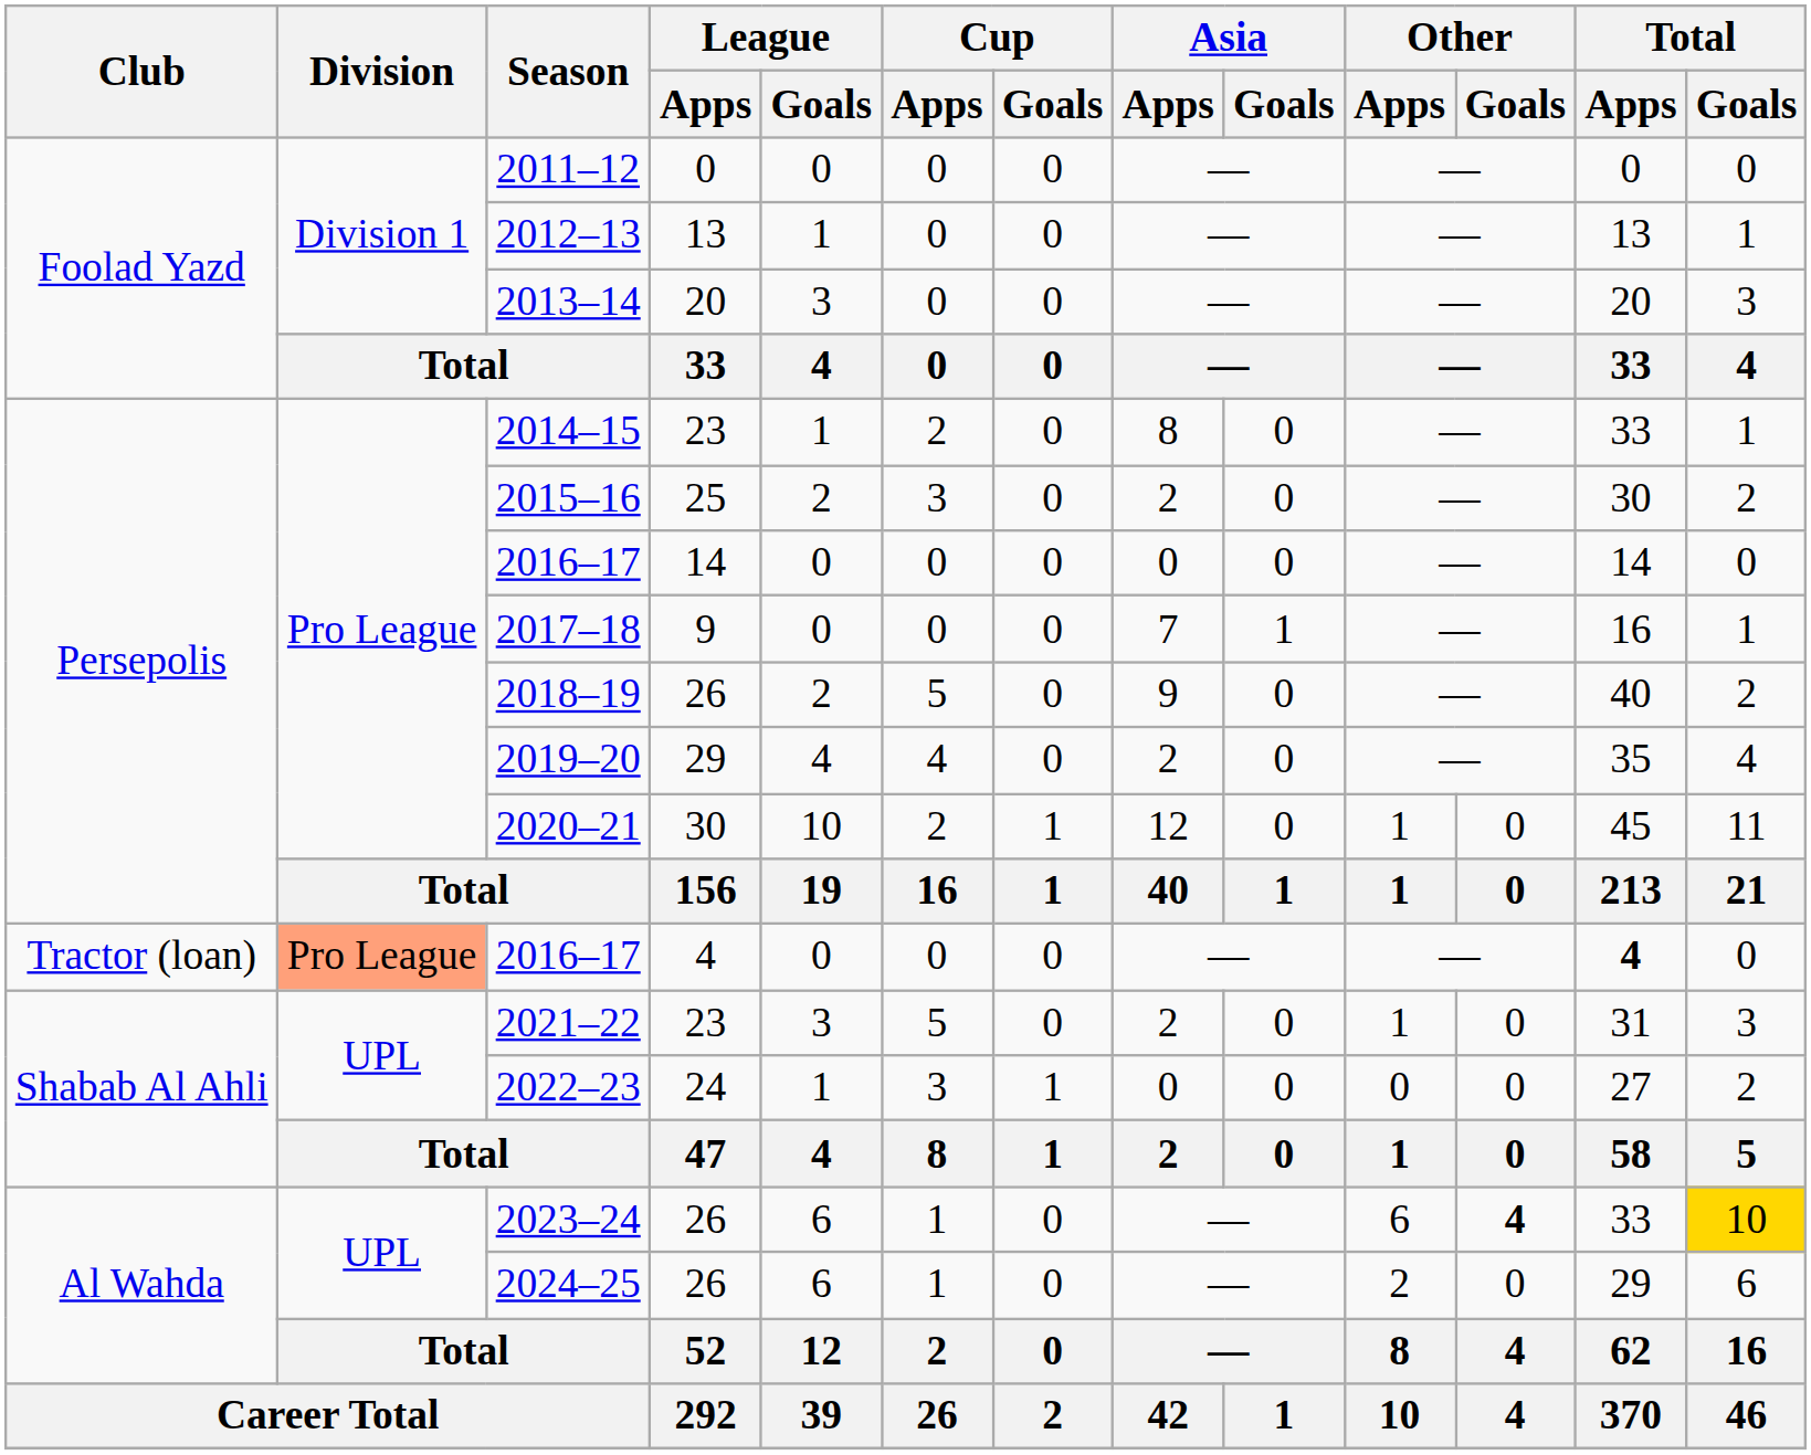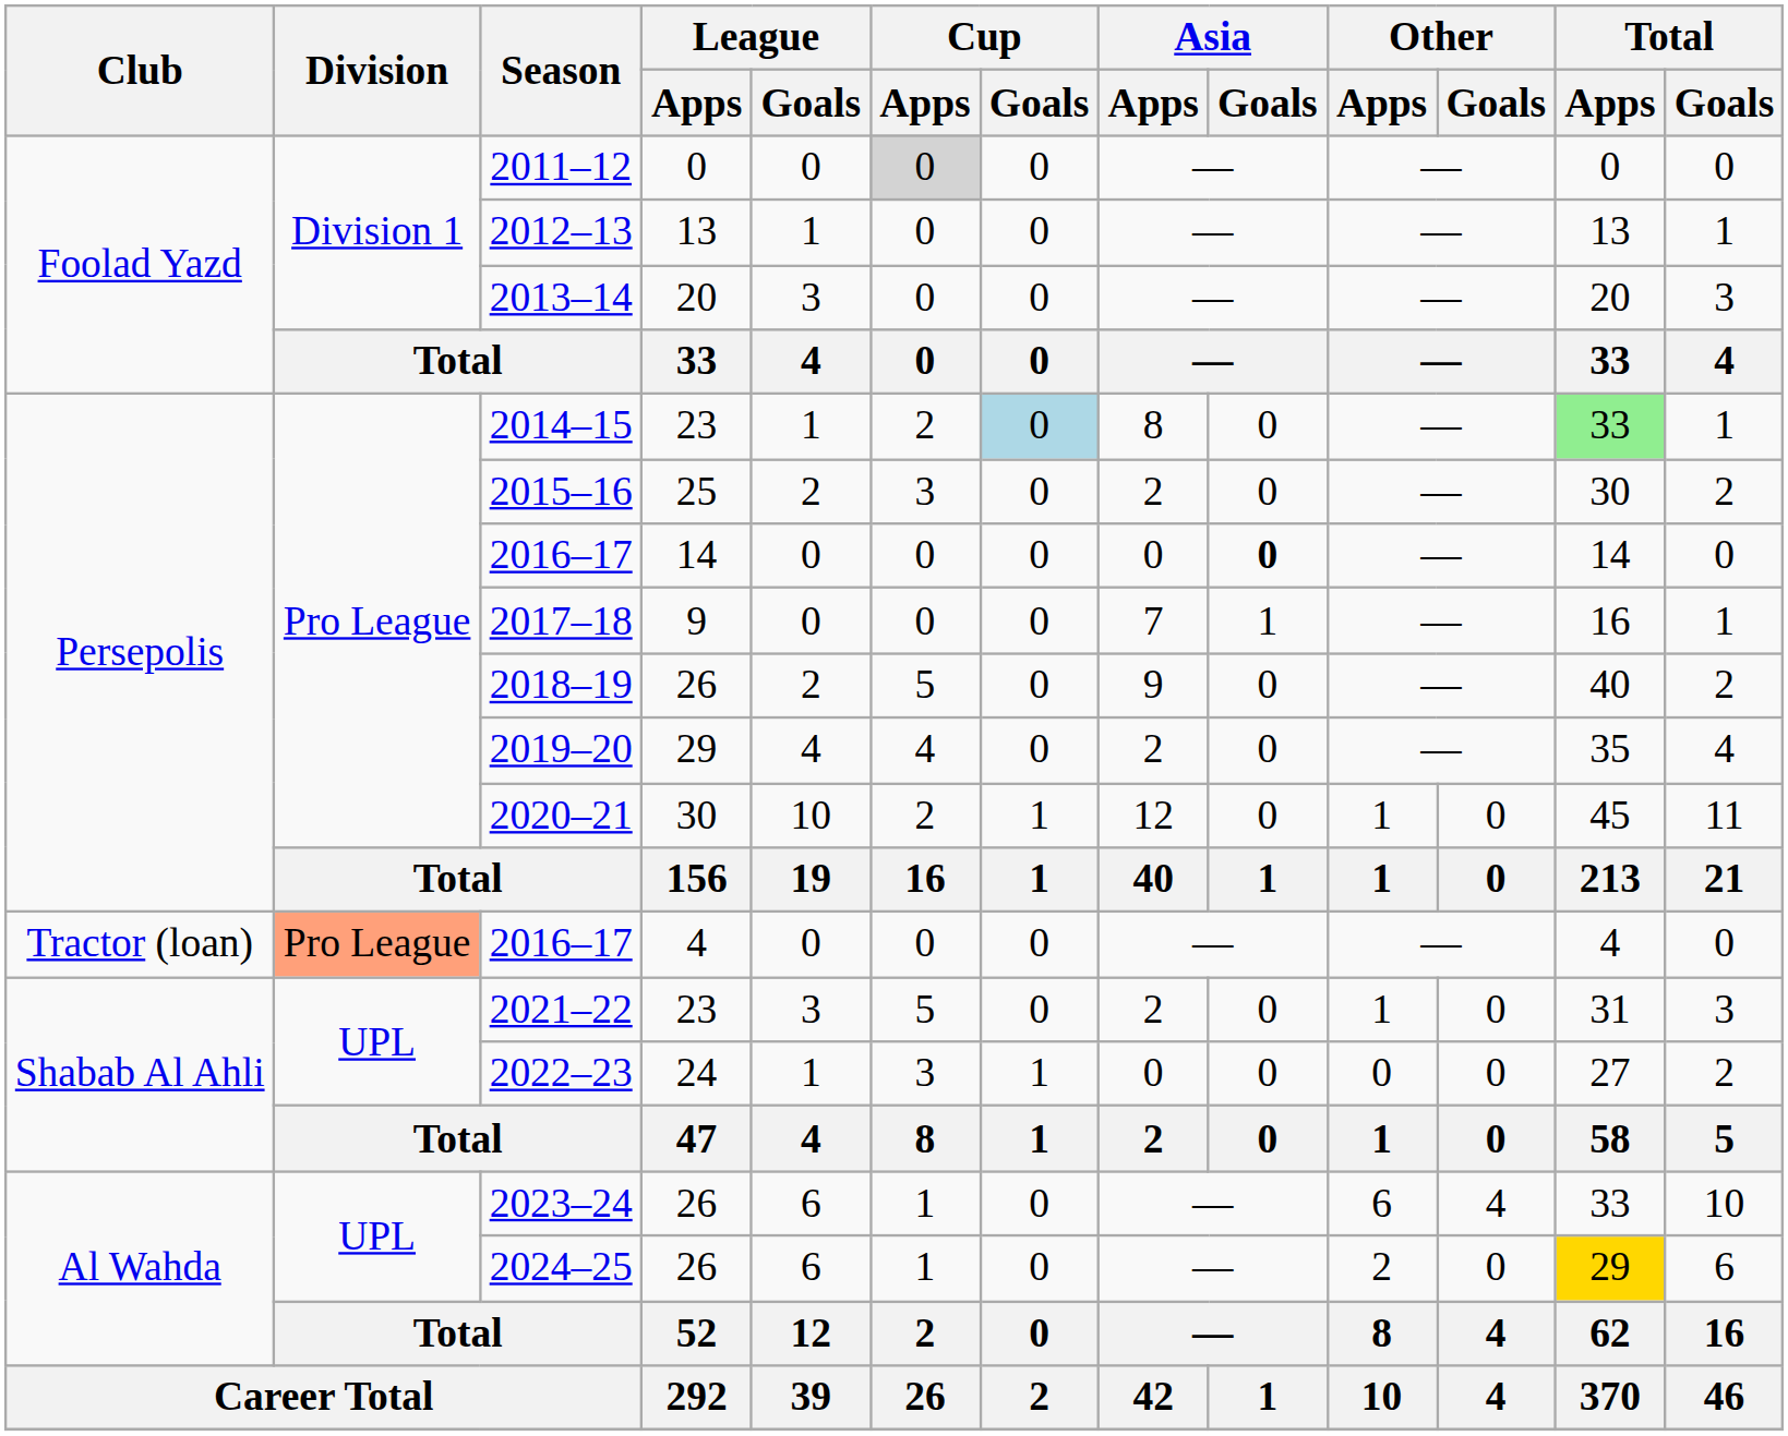 <table class="wikitable" style="text-align: center;">
 <tr>
 <th rowspan="2">Club</th>
 <th rowspan="2">Division</th>
 <th rowspan="2">Season</th>
 <th colspan="2">League</th>
 <th colspan="2">Cup</th>
 <th colspan="2"><a href='#'>Asia</a></th>
 <th colspan="2">Other</th>
 <th colspan="2">Total</th>
 </tr>
 <tr>
 <th>Apps</th>
 <th>Goals</th>
 <th>Apps</th>
 <th>Goals</th>
 <th>Apps</th>
 <th>Goals</th>
 <th>Apps</th>
 <th>Goals</th>
 <th>Apps</th>
 <th>Goals</th>
 </tr>
 <tr>
 <td rowspan="4"><a href='#'>Foolad Yazd</a></td>
 <td rowspan="3"><a href='#'>Division 1</a></td>
 <td><a href='#'>2011–12</a></td>
 <td>0</td>
 <td>0</td>
-<td>0</td>
+<td style="background: lightgrey;">0</td>
 <td>0</td>
 <td colspan=2>—</td>
 <td colspan="2">—</td>
 <td>0</td>
 <td>0</td>
 </tr>
 <tr>
 <td><a href='#'>2012–13</a></td>
 <td>13</td>
 <td>1</td>
 <td>0</td>
 <td>0</td>
 <td colspan=2>—</td>
 <td colspan="2">—</td>
 <td>13</td>
 <td>1</td>
 </tr>
 <tr>
 <td><a href='#'>2013–14</a></td>
 <td>20</td>
 <td>3</td>
 <td>0</td>
 <td>0</td>
 <td colspan=2>—</td>
 <td colspan="2">—</td>
 <td>20</td>
 <td>3</td>
 </tr>
 <tr>
 <th colspan=2>Total</th>
 <th>33</th>
 <th>4</th>
 <th>0</th>
 <th>0</th>
 <th colspan=2>—</th>
 <th colspan="2">—</th>
 <th>33</th>
 <th>4</th>
 </tr>
 <tr>
 <td rowspan="8"><a href='#'>Persepolis</a></td>
 <td rowspan="7"><a href='#'>Pro League</a></td>
 <td><a href='#'>2014–15</a></td>
 <td>23</td>
 <td>1</td>
 <td>2</td>
-<td>0</td>
+<td style="background: lightblue;">0</td>
 <td>8</td>
 <td>0</td>
 <td colspan="2">—</td>
-<td>33</td>
+<td style="background: lightgreen;">33</td>
 <td>1</td>
 </tr>
 <tr>
 <td><a href='#'>2015–16</a></td>
 <td>25</td>
 <td>2</td>
 <td>3</td>
 <td>0</td>
 <td>2</td>
 <td>0</td>
 <td colspan="2">—</td>
 <td>30</td>
 <td>2</td>
 </tr>
 <tr>
 <td><a href='#'>2016–17</a></td>
 <td>14</td>
 <td>0</td>
 <td>0</td>
 <td>0</td>
 <td>0</td>
-<td>0</td>
+<td><strong>0</strong></td>
 <td colspan="2">—</td>
 <td>14</td>
 <td>0</td>
 </tr>
 <tr>
 <td><a href='#'>2017–18</a></td>
 <td>9</td>
 <td>0</td>
 <td>0</td>
 <td>0</td>
 <td>7</td>
 <td>1</td>
 <td colspan="2">—</td>
 <td>16</td>
 <td>1</td>
 </tr>
 <tr>
 <td><a href='#'>2018–19</a></td>
 <td>26</td>
 <td>2</td>
 <td>5</td>
 <td>0</td>
 <td>9</td>
 <td>0</td>
 <td colspan="2">—</td>
 <td>40</td>
 <td>2</td>
 </tr>
 <tr>
 <td><a href='#'>2019–20</a></td>
 <td>29</td>
 <td>4</td>
 <td>4</td>
 <td>0</td>
 <td>2</td>
 <td>0</td>
 <td colspan="2">—</td>
 <td>35</td>
 <td>4</td>
 </tr>
 <tr>
 <td><a href='#'>2020–21</a></td>
 <td>30</td>
 <td>10</td>
 <td>2</td>
 <td>1</td>
 <td>12</td>
 <td>0</td>
 <td>1</td>
 <td>0</td>
 <td>45</td>
 <td>11</td>
 </tr>
 <tr>
 <th colspan=2>Total</th>
 <th>156</th>
 <th>19</th>
 <th>16</th>
 <th>1</th>
 <th>40</th>
 <th>1</th>
 <th>1</th>
 <th>0</th>
 <th>213</th>
 <th>21</th>
 </tr>
 <tr>
 <td><a href='#'>Tractor</a> (loan)</td>
 <td style="background: lightsalmon;">Pro League</td>
 <td><a href='#'>2016–17</a></td>
 <td>4</td>
 <td>0</td>
 <td>0</td>
 <td>0</td>
 <td colspan=2>—</td>
 <td colspan="2">—</td>
-<td><strong>4</strong></td>
+<td>4</td>
 <td>0</td>
 </tr>
 <tr>
 <td rowspan="3"><a href='#'>Shabab Al Ahli</a></td>
 <td rowspan="2"><a href='#'>UPL</a></td>
 <td><a href='#'>2021–22</a></td>
 <td>23</td>
 <td>3</td>
 <td>5</td>
 <td>0</td>
 <td>2</td>
 <td>0</td>
 <td>1</td>
 <td>0</td>
 <td>31</td>
 <td>3</td>
 </tr>
 <tr>
 <td><a href='#'>2022–23</a></td>
 <td>24</td>
 <td>1</td>
 <td>3</td>
 <td>1</td>
 <td>0</td>
 <td>0</td>
 <td>0</td>
 <td>0</td>
 <td>27</td>
 <td>2</td>
 </tr>
 <tr>
 <th colspan=2>Total</th>
 <th>47</th>
 <th>4</th>
 <th>8</th>
 <th>1</th>
 <th>2</th>
 <th>0</th>
 <th>1</th>
 <th>0</th>
 <th>58</th>
 <th>5</th>
 </tr>
 <tr>
 <td rowspan="3"><a href='#'>Al Wahda</a></td>
 <td rowspan="2"><a href='#'>UPL</a></td>
 <td><a href='#'>2023–24</a></td>
 <td>26</td>
 <td>6</td>
 <td>1</td>
 <td>0</td>
 <td colspan="2">—</td>
 <td>6</td>
-<td><strong>4</strong></td>
+<td>4</td>
 <td>33</td>
-<td style="background: gold;">10</td>
+<td>10</td>
 </tr>
 <tr>
 <td><a href='#'>2024–25</a></td>
 <td>26</td>
 <td>6</td>
 <td>1</td>
 <td>0</td>
 <td colspan="2">—</td>
 <td>2</td>
 <td>0</td>
-<td>29</td>
+<td style="background: gold;">29</td>
 <td>6</td>
 </tr>
 <tr>
 <th colspan=2>Total</th>
 <th>52</th>
 <th>12</th>
 <th>2</th>
 <th>0</th>
 <th colspan="2">—</th>
 <th>8</th>
 <th>4</th>
 <th>62</th>
 <th>16</th>
 </tr>
 <tr>
 <th colspan="3">Career Total</th>
 <th>292</th>
 <th>39</th>
 <th>26</th>
 <th>2</th>
 <th>42</th>
 <th>1</th>
 <th>10</th>
 <th>4</th>
 <th>370</th>
 <th>46</th>
 </tr>
 <tr>
 </tr>
 </table>
